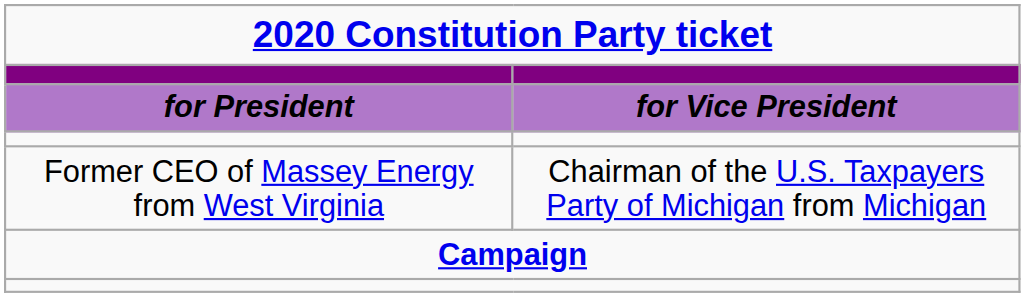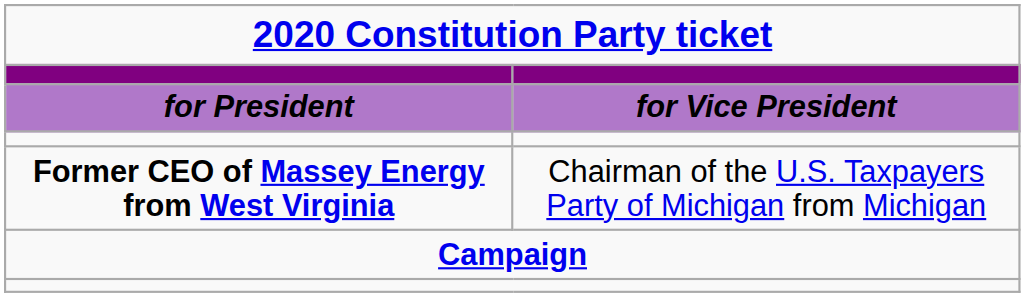 <table class="wikitable" style="font-size:90%; text-align:center">
 <tr>
 <td colspan=2><big><strong><a href='#'>2020 Constitution Party ticket</a></strong></big></td>
 </tr>
 <tr>
 <th style="font-size:135%; background:#800080"></th>
 <th style="font-size:135%; background:#800080"></th>
 </tr>
 <tr style="color:#000; font-size:100%; background:#B078C9">
 <td><strong><em>for President</em></strong></td>
 <td><strong><em>for Vice President</em></strong></td>
 </tr>
 <tr>
 <td></td>
 <td></td>
 </tr>
 <tr>
-<td style=width:16em>Former CEO of <a href='#'>Massey Energy</a> from <a href='#'>West Virginia</a></td>
+<td style=width:16em><strong>Former CEO of <a href='#'>Massey Energy</a> from <a href='#'>West Virginia</a></strong></td>
 <td style=width:16em>Chairman of the <a href='#'>U.S. Taxpayers Party of Michigan</a> from <a href='#'>Michigan</a></td>
 </tr>
 <tr>
 <td colspan=2><a href='#'><strong>Campaign</strong></a></td>
 </tr>
 <tr>
 <td colspan=2></td>
 </tr>
 </table>
